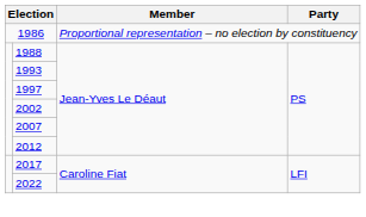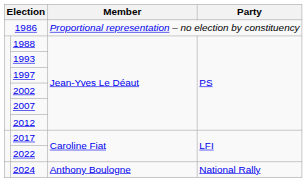 <table class="wikitable">
 <tr>
 <th colspan="2">Election</th>
 <th>Member</th>
 <th>Party</th>
 </tr>
 <tr>
 <td colspan="2" align="center"><a href='#'>1986</a></td>
 <td colspan="2"><em><a href='#'>Proportional representation</a> – no election by constituency</em></td>
 </tr>
 <tr>
 <td rowspan="6" style="background-color: "></td>
 <td><a href='#'>1988</a></td>
 <td rowspan="6"><a href='#'>Jean-Yves Le Déaut</a></td>
 <td rowspan="6"><a href='#'>PS</a></td>
 </tr>
 <tr>
 <td><a href='#'>1993</a></td>
 </tr>
 <tr>
 <td><a href='#'>1997</a></td>
 </tr>
 <tr>
 <td><a href='#'>2002</a></td>
 </tr>
 <tr>
 <td><a href='#'>2007</a></td>
 </tr>
 <tr>
 <td><a href='#'>2012</a></td>
 </tr>
 <tr>
 <td rowspan="2" style="background-color: "></td>
 <td><a href='#'>2017</a></td>
 <td rowspan="2"><a href='#'>Caroline Fiat</a></td>
 <td rowspan="2"><a href='#'>LFI</a></td>
 </tr>
 <tr>
 <td><a href='#'>2022</a></td>
 </tr>
+<tr>
+<td style="background-color: "></td>
+<td><a href='#'>2024</a></td>
+<td><a href='#'>Anthony Boulogne</a></td>
+<td><a href='#'>National Rally</a></td>
+</tr>
 </table>
